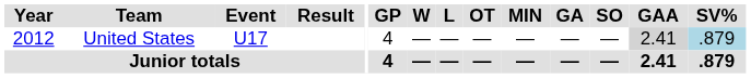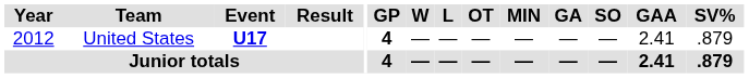 <table border="0" cellpadding="1" cellspacing="0" ID="Table3" style="text-align:center; width:40em">
 <tr bgcolor="#e0e0e0">
 <th>Year</th>
 <th>Team</th>
 <th>Event</th>
 <th>Result</th>
 <th rowspan="99" bgcolor="#ffffff"></th>
 <th>GP</th>
 <th>W</th>
 <th>L</th>
 <th>OT</th>
 <th>MIN</th>
 <th>GA</th>
 <th>SO</th>
 <th>GAA</th>
 <th>SV%</th>
 </tr>
 <tr>
 <td><a href='#'>2012</a></td>
 <td><a href='#'>United States</a></td>
-<td><a href='#'>U17</a></td>
+<td><strong><a href='#'>U17</a></strong></td>
 <td></td>
-<td>4</td>
+<td><strong>4</strong></td>
 <td>—</td>
 <td>—</td>
 <td>—</td>
 <td>—</td>
 <td>—</td>
 <td>—</td>
-<td style="background: lightgrey;">2.41</td>
-<td style="background: lightblue;">.879</td>
+<td>2.41</td>
+<td>.879</td>
 </tr>
 <tr bgcolor="#e0e0e0">
 <th colspan="4">Junior totals</th>
 <th>4</th>
 <th>—</th>
 <th>—</th>
 <th>—</th>
 <th>—</th>
 <th>—</th>
 <th>—</th>
 <th>2.41</th>
 <th>.879</th>
 </tr>
 </table>
